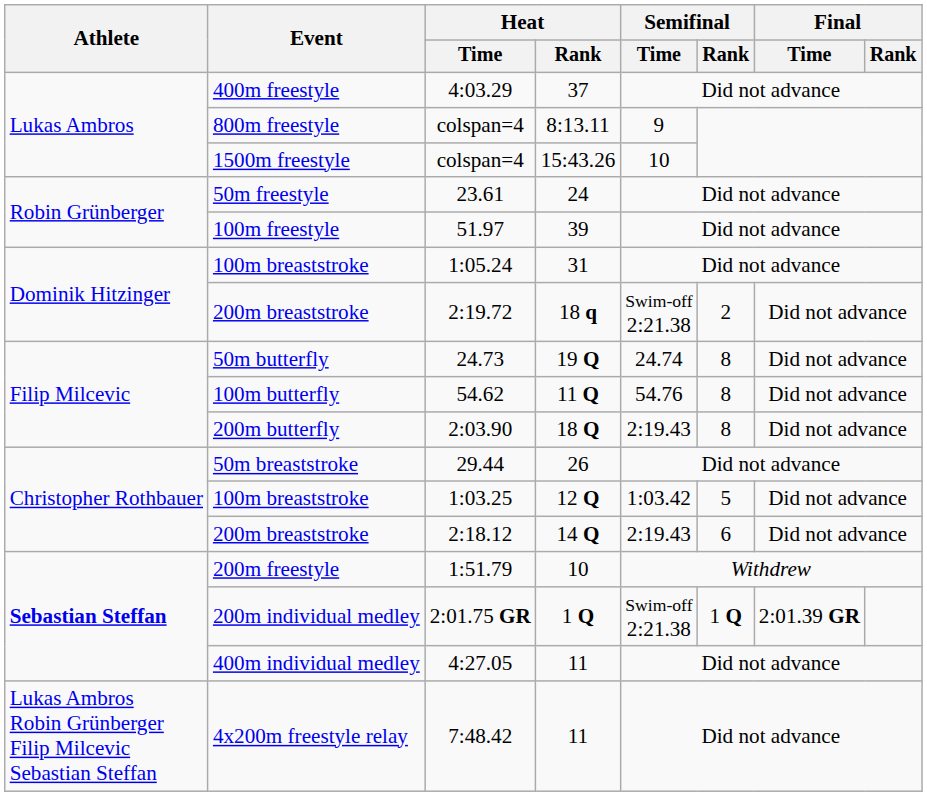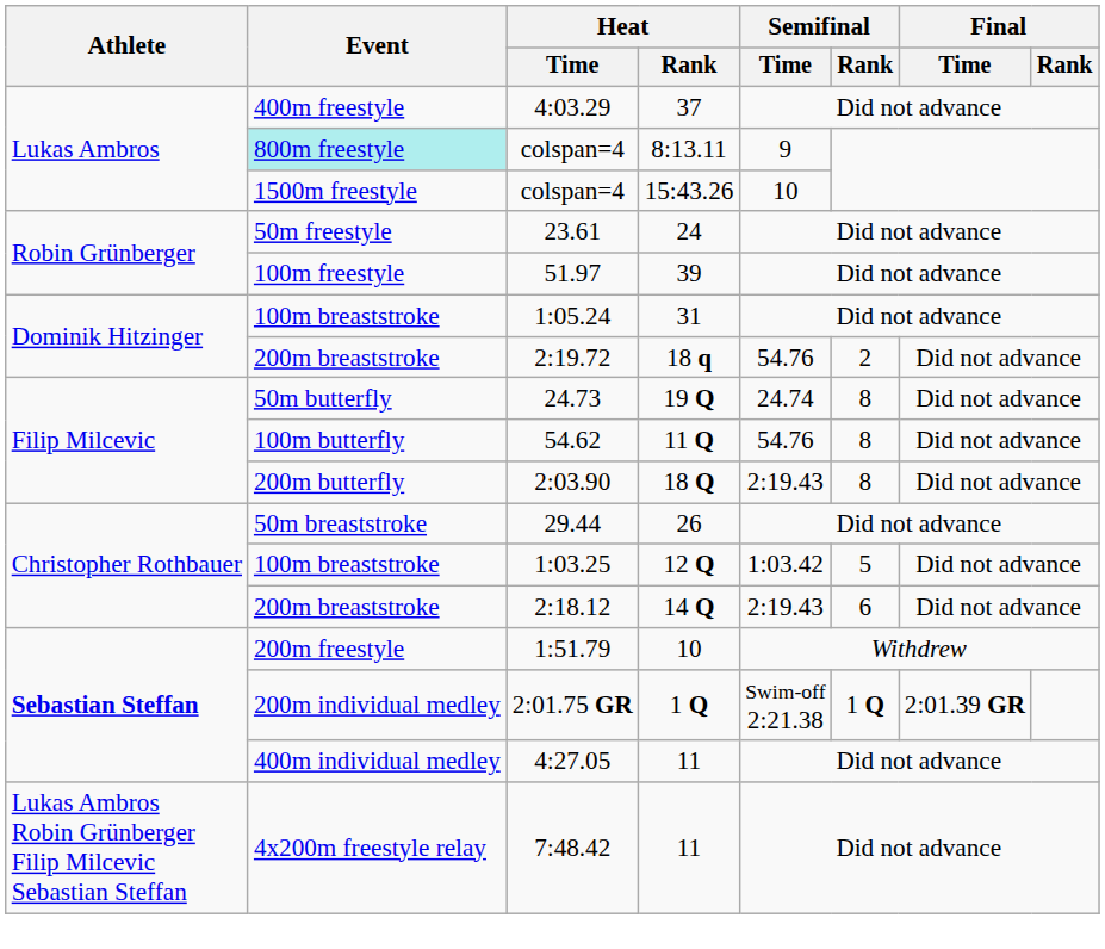 <table class=wikitable style="font-size:90%">
 <tr>
 <th rowspan="2">Athlete</th>
 <th rowspan="2">Event</th>
 <th colspan="2">Heat</th>
 <th colspan="2">Semifinal</th>
 <th colspan="2">Final</th>
 </tr>
 <tr style="font-size:95%">
 <th>Time</th>
 <th>Rank</th>
 <th>Time</th>
 <th>Rank</th>
 <th>Time</th>
 <th>Rank</th>
 </tr>
 <tr align=center>
 <td align=left rowspan=3><a href='#'>Lukas Ambros</a></td>
 <td align=left><a href='#'>400m freestyle</a></td>
 <td>4:03.29</td>
 <td>37</td>
 <td colspan=4>Did not advance</td>
 </tr>
 <tr align=center>
-<td align=left><a href='#'>800m freestyle</a></td>
+<td align=left style="background: paleturquoise;"><a href='#'>800m freestyle</a></td>
 <td>colspan=4 </td>
 <td>8:13.11</td>
 <td>9</td>
 </tr>
 <tr align=center>
 <td align=left><a href='#'>1500m freestyle</a></td>
 <td>colspan=4 </td>
 <td>15:43.26</td>
 <td>10</td>
 </tr>
 <tr align=center>
 <td align=left rowspan=2><a href='#'>Robin Grünberger</a></td>
 <td align=left><a href='#'>50m freestyle</a></td>
 <td>23.61</td>
 <td>24</td>
 <td colspan=4>Did not advance</td>
 </tr>
 <tr align=center>
 <td align=left><a href='#'>100m freestyle</a></td>
 <td>51.97</td>
 <td>39</td>
 <td colspan=4>Did not advance</td>
 </tr>
 <tr align=center>
 <td align=left rowspan=2><a href='#'>Dominik Hitzinger</a></td>
 <td align=left><a href='#'>100m breaststroke</a></td>
 <td>1:05.24</td>
 <td>31</td>
 <td colspan=4>Did not advance</td>
 </tr>
 <tr align=center>
 <td align=left><a href='#'>200m breaststroke</a></td>
 <td>2:19.72</td>
 <td>18 <strong>q</strong></td>
-<td><small>Swim-off</small><br>2:21.38</td>
+<td>54.76</td>
 <td>2</td>
 <td colspan=2>Did not advance</td>
 </tr>
 <tr align=center>
 <td align=left rowspan=3><a href='#'>Filip Milcevic</a></td>
 <td align=left><a href='#'>50m butterfly</a></td>
 <td>24.73</td>
 <td>19 <strong>Q</strong></td>
 <td>24.74</td>
 <td>8</td>
 <td colspan=2>Did not advance</td>
 </tr>
 <tr align=center>
 <td align=left><a href='#'>100m butterfly</a></td>
 <td>54.62</td>
 <td>11 <strong>Q</strong></td>
 <td>54.76</td>
 <td>8</td>
 <td colspan=2>Did not advance</td>
 </tr>
 <tr align=center>
 <td align=left><a href='#'>200m butterfly</a></td>
 <td>2:03.90</td>
 <td>18 <strong>Q</strong></td>
 <td>2:19.43</td>
 <td>8</td>
 <td colspan=2>Did not advance</td>
 </tr>
 <tr align=center>
 <td align=left rowspan=3><a href='#'>Christopher Rothbauer</a></td>
 <td align=left><a href='#'>50m breaststroke</a></td>
 <td>29.44</td>
 <td>26</td>
 <td colspan=4>Did not advance</td>
 </tr>
 <tr align=center>
 <td align=left><a href='#'>100m breaststroke</a></td>
 <td>1:03.25</td>
 <td>12 <strong>Q</strong></td>
 <td>1:03.42</td>
 <td>5</td>
 <td colspan=2>Did not advance</td>
 </tr>
 <tr align=center>
 <td align=left><a href='#'>200m breaststroke</a></td>
 <td>2:18.12</td>
 <td>14 <strong>Q</strong></td>
 <td>2:19.43</td>
 <td>6</td>
 <td colspan=2>Did not advance</td>
 </tr>
 <tr align=center>
 <td align=left rowspan=3><strong><a href='#'>Sebastian Steffan</a></strong></td>
 <td align=left><a href='#'>200m freestyle</a></td>
 <td>1:51.79</td>
 <td>10</td>
 <td colspan=4><em>Withdrew</em></td>
 </tr>
 <tr align=center>
 <td align=left><a href='#'>200m individual medley</a></td>
 <td>2:01.75 <strong>GR</strong></td>
 <td>1 <strong>Q</strong></td>
 <td><small>Swim-off</small><br>2:21.38</td>
 <td>1 <strong>Q</strong></td>
 <td>2:01.39 <strong>GR</strong></td>
 <td></td>
 </tr>
 <tr align=center>
 <td align=left><a href='#'>400m individual medley</a></td>
 <td>4:27.05</td>
 <td>11</td>
 <td colspan=4>Did not advance</td>
 </tr>
 <tr align=center>
 <td align=left><a href='#'>Lukas Ambros</a><br><a href='#'>Robin Grünberger</a><br><a href='#'>Filip Milcevic</a><br><a href='#'>Sebastian Steffan</a></td>
 <td align=left><a href='#'>4x200m freestyle relay</a></td>
 <td>7:48.42</td>
 <td>11</td>
 <td colspan=4>Did not advance</td>
 </tr>
 </table>
